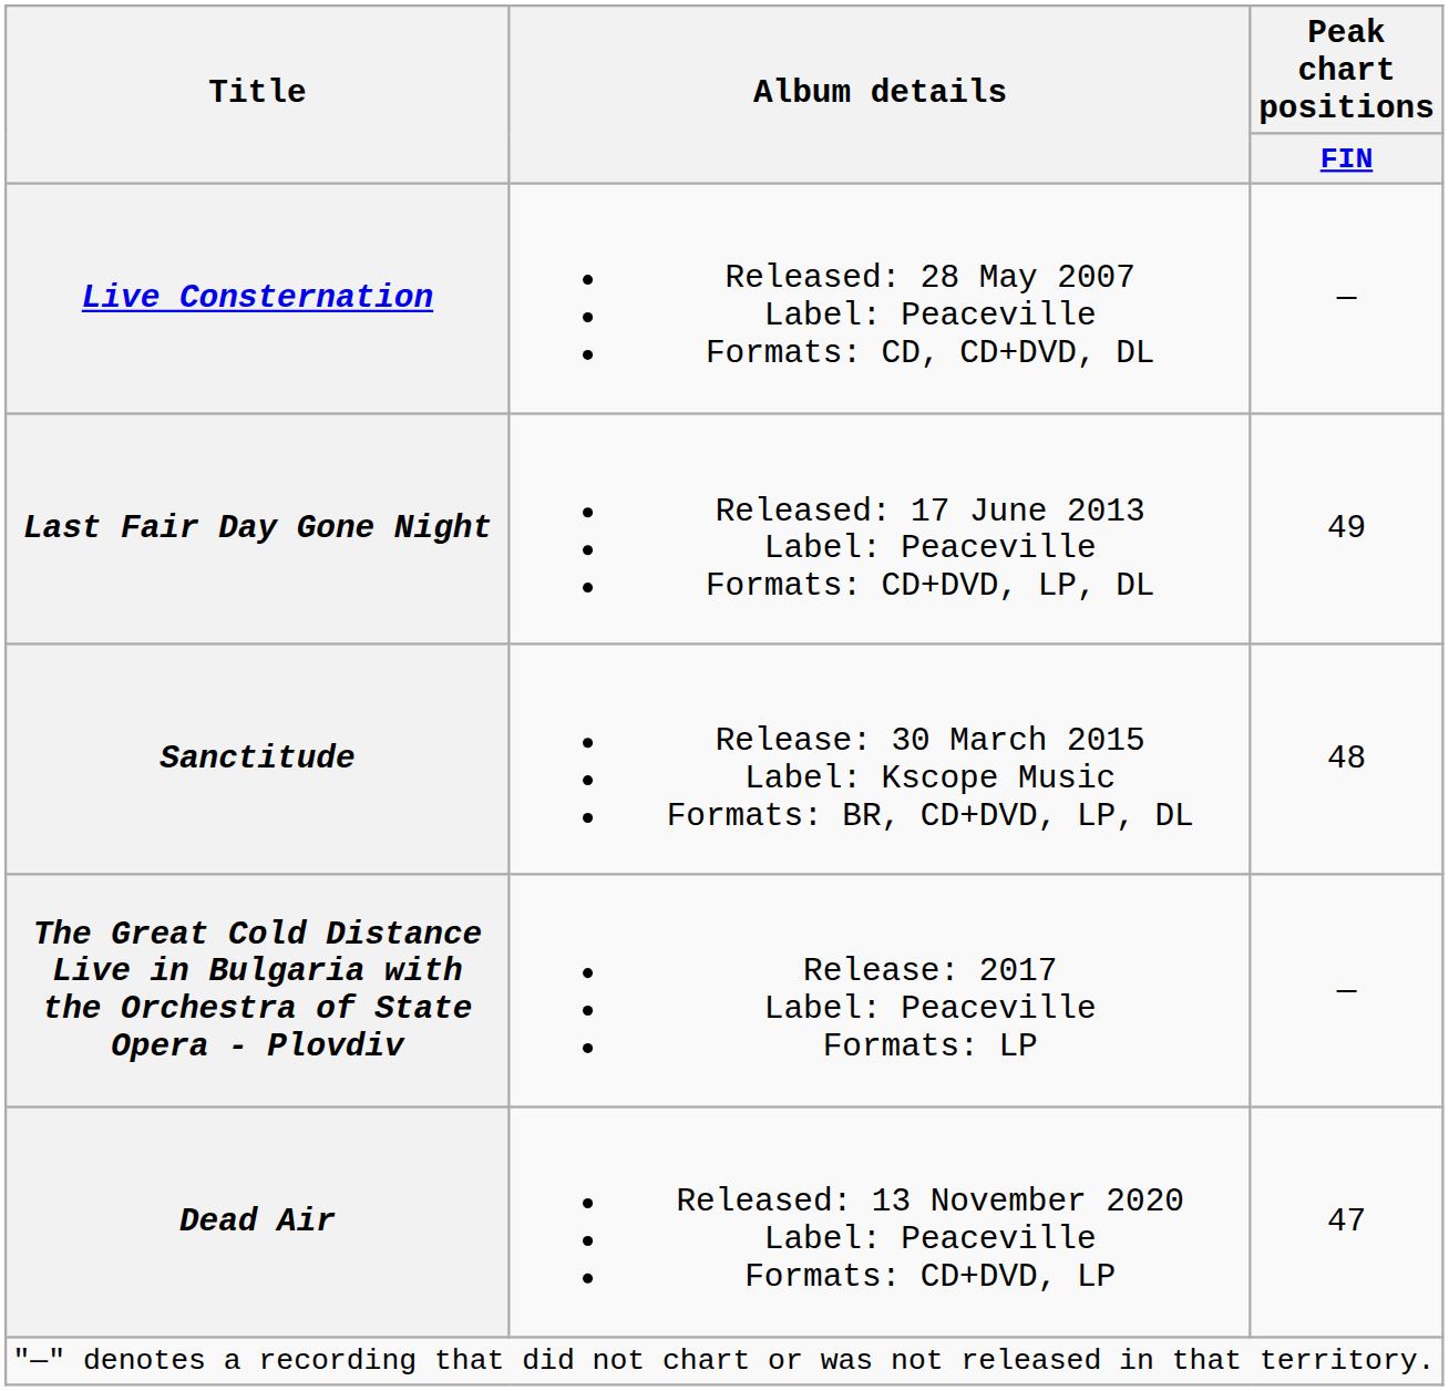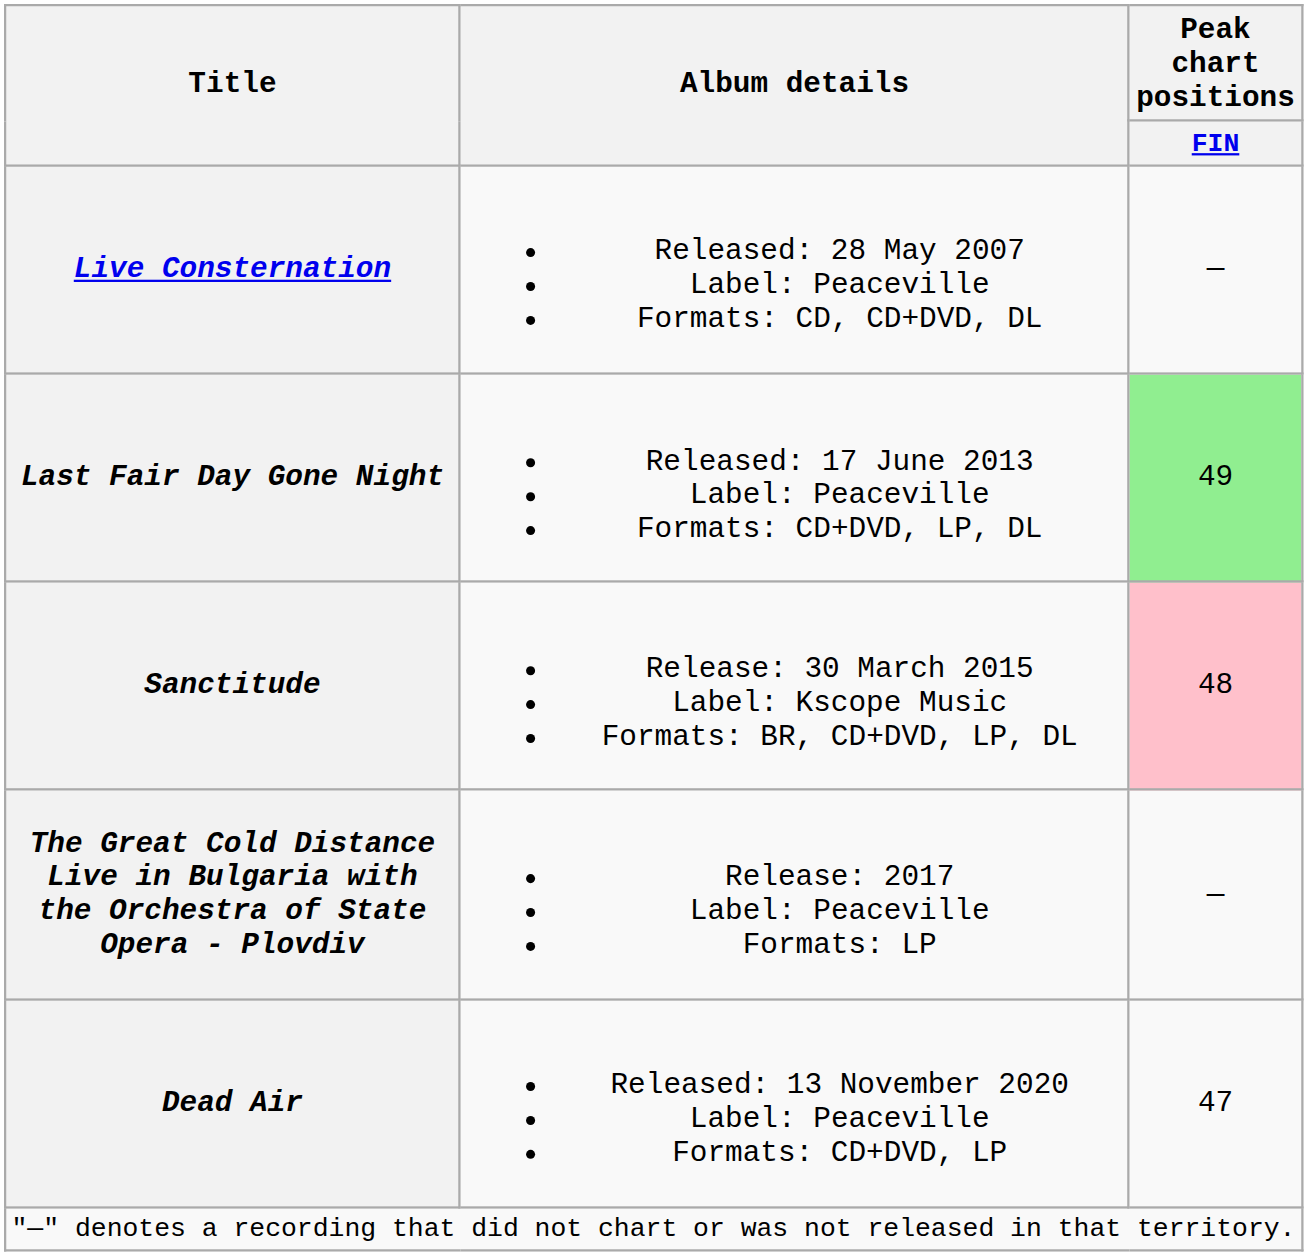 <table class="wikitable plainrowheaders" style="text-align:center;">
 <tr>
 <th scope="col" rowspan="2" style="width:15em;">Title</th>
 <th scope="col" rowspan="2">Album details</th>
 <th scope="col">Peak chart positions</th>
 </tr>
 <tr>
 <th scope="col" style="width:3em;font-size:90%;"><a href='#'>FIN</a><br></th>
 </tr>
 <tr>
 <th scope="row"><em><a href='#'>Live Consternation</a></em></th>
 <td><br><ul><li>Released: 28 May 2007</li><li>Label: Peaceville</li><li>Formats: CD, CD+DVD, DL</li></ul></td>
 <td>—</td>
 </tr>
 <tr>
 <th scope="row"><em>Last Fair Day Gone Night</em></th>
 <td><br><ul><li>Released: 17 June 2013</li><li>Label: Peaceville</li><li>Formats: CD+DVD, LP, DL</li></ul></td>
-<td>49</td>
+<td style="background: lightgreen;">49</td>
 </tr>
 <tr>
 <th scope="row"><em>Sanctitude</em></th>
 <td><br><ul><li>Release: 30 March 2015</li><li>Label: Kscope Music</li><li>Formats: BR, CD+DVD, LP, DL</li></ul></td>
-<td>48</td>
+<td style="background: pink;">48</td>
 </tr>
 <tr>
 <th scope="row"><em>The Great Cold Distance Live in Bulgaria with the Orchestra of State Opera - Plovdiv</em></th>
 <td><br><ul><li>Release: 2017</li><li>Label: Peaceville</li><li>Formats: LP</li></ul></td>
 <td>—</td>
 </tr>
 <tr>
 <th scope="row"><em>Dead Air</em></th>
 <td><br><ul><li>Released: 13 November 2020</li><li>Label: Peaceville</li><li>Formats: CD+DVD, LP</li></ul></td>
 <td>47</td>
 </tr>
 <tr>
 <td colspan="15" style="font-size:90%">"—" denotes a recording that did not chart or was not released in that territory.</td>
 </tr>
 </table>
